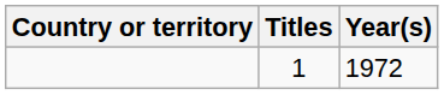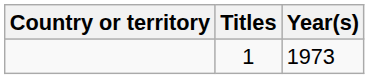 <table class="wikitable" style="font-size:95%;">
 <tr>
 <th>Country or territory</th>
 <th>Titles</th>
 <th>Year(s)</th>
 </tr>
 <tr>
 <td></td>
 <td rowspan="1" style="text-align:center;">1</td>
-<td>1972</td>
+<td>1973</td>
 </tr>
 </table>
